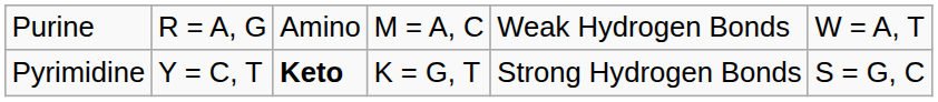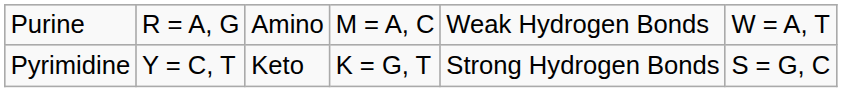 <table class="wikitable">
 <tr>
 <td>Purine</td>
 <td>R = A, G</td>
 <td>Amino</td>
 <td>M = A, C</td>
 <td>Weak Hydrogen Bonds</td>
 <td>W = A, T</td>
 </tr>
 <tr>
 <td>Pyrimidine</td>
 <td>Y = C, T</td>
-<td><strong>Keto</strong></td>
+<td>Keto</td>
 <td>K = G, T</td>
 <td>Strong Hydrogen Bonds</td>
 <td>S = G, C</td>
 </tr>
 </table>
